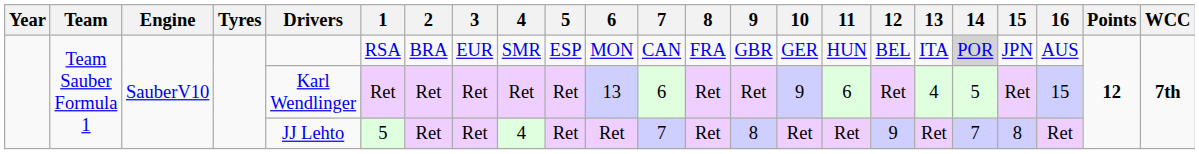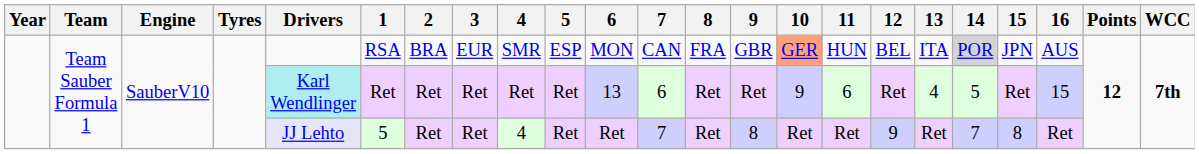 <table class="wikitable" style="text-align:center; font-size:95%">
 <tr>
 <th>Year</th>
 <th>Team</th>
 <th>Engine</th>
 <th>Tyres</th>
 <th>Drivers</th>
 <th>1</th>
 <th>2</th>
 <th>3</th>
 <th>4</th>
 <th>5</th>
 <th>6</th>
 <th>7</th>
 <th>8</th>
 <th>9</th>
 <th>10</th>
 <th>11</th>
 <th>12</th>
 <th>13</th>
 <th>14</th>
 <th>15</th>
 <th>16</th>
 <th>Points</th>
 <th>WCC</th>
 </tr>
 <tr>
 <td rowspan="3"></td>
 <td rowspan="3"><a href='#'>Team Sauber Formula 1</a></td>
 <td rowspan="3"><a href='#'>Sauber</a><a href='#'>V10</a></td>
 <td rowspan="3"></td>
 <td></td>
 <td><a href='#'>RSA</a></td>
 <td><a href='#'>BRA</a></td>
 <td><a href='#'>EUR</a></td>
 <td><a href='#'>SMR</a></td>
 <td><a href='#'>ESP</a></td>
 <td><a href='#'>MON</a></td>
 <td><a href='#'>CAN</a></td>
 <td><a href='#'>FRA</a></td>
 <td><a href='#'>GBR</a></td>
-<td><a href='#'>GER</a></td>
+<td style="background: lightsalmon;"><a href='#'>GER</a></td>
 <td><a href='#'>HUN</a></td>
 <td><a href='#'>BEL</a></td>
 <td><a href='#'>ITA</a></td>
 <td style="background: lightgrey;"><a href='#'>POR</a></td>
 <td><a href='#'>JPN</a></td>
 <td><a href='#'>AUS</a></td>
 <td rowspan="3"><strong>12</strong></td>
 <td rowspan="3"><strong>7th</strong></td>
 </tr>
 <tr>
-<td> <a href='#'>Karl Wendlinger</a></td>
+<td style="background: paleturquoise;"> <a href='#'>Karl Wendlinger</a></td>
 <td style="background:#EFCFFF;">Ret</td>
 <td style="background:#EFCFFF;">Ret</td>
 <td style="background:#EFCFFF;">Ret</td>
 <td style="background:#EFCFFF;">Ret</td>
 <td style="background:#EFCFFF;">Ret</td>
 <td style="background:#CFCFFF;">13</td>
 <td style="background:#DFFFDF;">6</td>
 <td style="background:#EFCFFF;">Ret</td>
 <td style="background:#EFCFFF;">Ret</td>
 <td style="background:#CFCFFF;">9</td>
 <td style="background:#DFFFDF;">6</td>
 <td style="background:#EFCFFF;">Ret</td>
 <td style="background:#DFFFDF;">4</td>
 <td style="background:#DFFFDF;">5</td>
 <td style="background:#EFCFFF;">Ret</td>
 <td style="background:#CFCFFF;">15</td>
 </tr>
 <tr>
-<td> <a href='#'>JJ Lehto</a></td>
+<td style="background: lavender;"> <a href='#'>JJ Lehto</a></td>
 <td style="background:#DFFFDF;">5</td>
 <td style="background:#EFCFFF;">Ret</td>
 <td style="background:#EFCFFF;">Ret</td>
 <td style="background:#DFFFDF;">4</td>
 <td style="background:#EFCFFF;">Ret</td>
 <td style="background:#EFCFFF;">Ret</td>
 <td style="background:#CFCFFF;">7</td>
 <td style="background:#EFCFFF;">Ret</td>
 <td style="background:#CFCFFF;">8</td>
 <td style="background:#EFCFFF;">Ret</td>
 <td style="background:#EFCFFF;">Ret</td>
 <td style="background:#CFCFFF;">9</td>
 <td style="background:#EFCFFF;">Ret</td>
 <td style="background:#CFCFFF;">7</td>
 <td style="background:#CFCFFF;">8</td>
 <td style="background:#EFCFFF;">Ret</td>
 </tr>
 </table>
